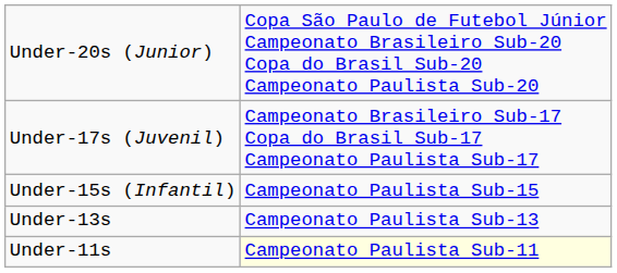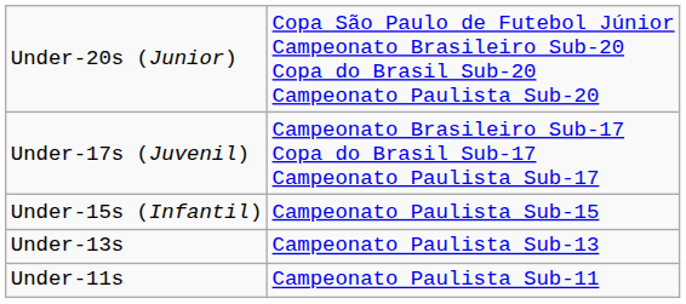 <table class="wikitable sortable">
 <tr>
 <td>Under-20s (<em>Junior</em>)</td>
 <td><a href='#'>Copa São Paulo de Futebol Júnior</a><br><a href='#'>Campeonato Brasileiro Sub-20</a><br><a href='#'>Copa do Brasil Sub-20</a><br><a href='#'>Campeonato Paulista Sub-20</a></td>
 </tr>
 <tr>
 <td>Under-17s (<em>Juvenil</em>)</td>
 <td><a href='#'>Campeonato Brasileiro Sub-17</a><br><a href='#'>Copa do Brasil Sub-17</a><br><a href='#'>Campeonato Paulista Sub-17</a></td>
 </tr>
 <tr>
 <td>Under-15s (<em>Infantil</em>)</td>
 <td><a href='#'>Campeonato Paulista Sub-15</a></td>
 </tr>
 <tr>
 <td>Under-13s</td>
 <td><a href='#'>Campeonato Paulista Sub-13</a></td>
 </tr>
 <tr>
 <td>Under-11s</td>
-<td style="background: lightyellow;"><a href='#'>Campeonato Paulista Sub-11</a></td>
+<td><a href='#'>Campeonato Paulista Sub-11</a></td>
 </tr>
 </table>
